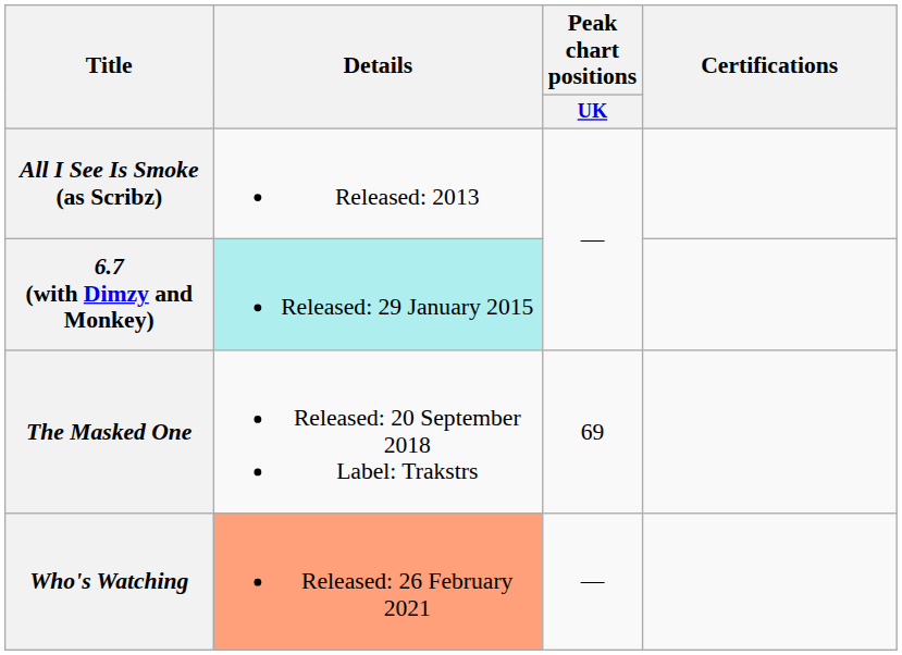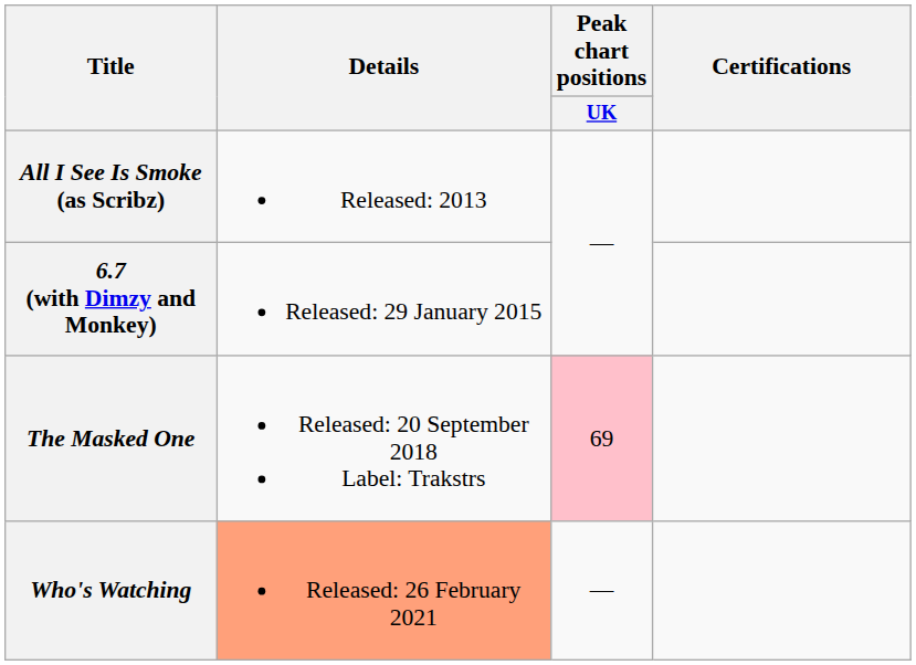 <table class="wikitable plainrowheaders" style="text-align:center">
 <tr>
 <th scope="col" rowspan="2" style="width:10em">Title</th>
 <th scope="col" rowspan="2" style="width:16em">Details</th>
 <th scope="col" colspan="1">Peak chart positions</th>
 <th scope="col" rowspan="2" style="width:12em">Certifications</th>
 </tr>
 <tr>
 <th scope="col" style="width:3em;font-size:85%;"><a href='#'>UK</a><br></th>
 </tr>
 <tr>
 <th scope="row"><em>All I See Is Smoke</em><br><span>(as Scribz)</span></th>
 <td><br><ul><li>Released: 2013</li></ul></td>
 <td rowspan="2">—</td>
 <td></td>
 </tr>
 <tr>
 <th scope="row"><em>6.7</em><br><span>(with <a href='#'>Dimzy</a> and Monkey)</span></th>
-<td style="background: paleturquoise;"><br><ul><li>Released: 29 January 2015</li></ul></td>
+<td><br><ul><li>Released: 29 January 2015</li></ul></td>
 <td></td>
 </tr>
 <tr>
 <th scope="row"><em>The Masked One</em></th>
 <td><br><ul><li>Released: 20 September 2018</li><li>Label: Trakstrs</li></ul></td>
-<td>69</td>
+<td style="background: pink;">69</td>
 <td></td>
 </tr>
 <tr>
 <th scope="row"><em>Who's Watching</em></th>
 <td style="background: lightsalmon;"><br><ul><li>Released: 26 February 2021</li></ul></td>
 <td>—</td>
 <td></td>
 </tr>
 </table>
